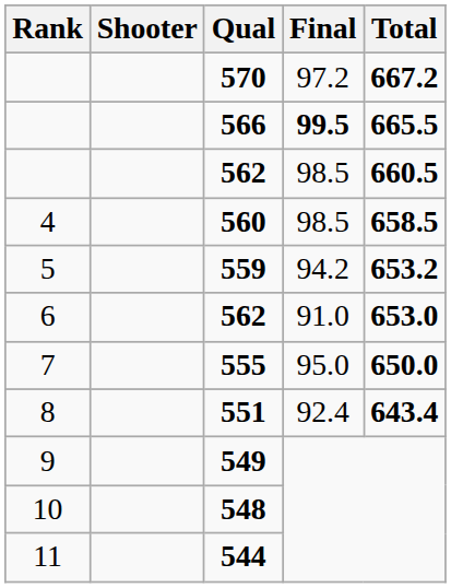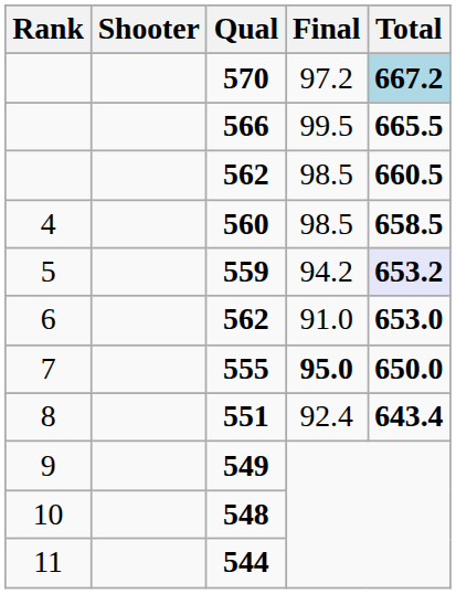 <table class="wikitable sortable" style="text-align: center">
 <tr>
 <th>Rank</th>
 <th>Shooter</th>
 <th>Qual</th>
 <th>Final</th>
 <th>Total</th>
 </tr>
 <tr>
 <td></td>
 <td align=left></td>
 <td><strong>570</strong></td>
 <td>97.2</td>
-<td><strong>667.2</strong></td>
+<td style="background: lightblue;"><strong>667.2</strong></td>
 </tr>
 <tr>
 <td></td>
 <td align=left></td>
 <td><strong>566</strong></td>
-<td><strong>99.5</strong></td>
+<td>99.5</td>
 <td><strong>665.5</strong></td>
 </tr>
 <tr>
 <td></td>
 <td align=left></td>
 <td><strong>562</strong></td>
 <td>98.5</td>
 <td><strong>660.5</strong></td>
 </tr>
 <tr>
 <td>4</td>
 <td align=left></td>
 <td><strong>560</strong></td>
 <td>98.5</td>
 <td><strong>658.5</strong></td>
 </tr>
 <tr>
 <td>5</td>
 <td align=left></td>
 <td><strong>559</strong></td>
 <td>94.2</td>
-<td><strong>653.2</strong></td>
+<td style="background: lavender;"><strong>653.2</strong></td>
 </tr>
 <tr>
 <td>6</td>
 <td align=left></td>
 <td><strong>562</strong></td>
 <td>91.0</td>
 <td><strong>653.0</strong></td>
 </tr>
 <tr>
 <td>7</td>
 <td align=left></td>
 <td><strong>555</strong></td>
-<td>95.0</td>
+<td><strong>95.0</strong></td>
 <td><strong>650.0</strong></td>
 </tr>
 <tr>
 <td>8</td>
 <td align=left></td>
 <td><strong>551</strong></td>
 <td>92.4</td>
 <td><strong>643.4</strong></td>
 </tr>
 <tr>
 <td>9</td>
 <td align=left></td>
 <td><strong>549</strong></td>
 </tr>
 <tr>
 <td>10</td>
 <td align=left></td>
 <td><strong>548</strong></td>
 </tr>
 <tr>
 <td>11</td>
 <td align=left></td>
 <td><strong>544</strong></td>
 </tr>
 </table>
